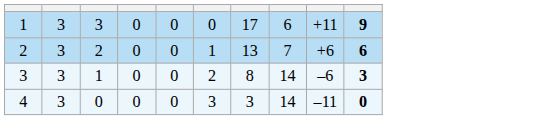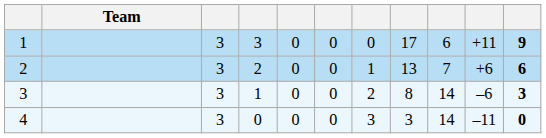 <table class="wikitable" style="text-align: center; font-size: 100%;">
 <tr>
 <th width="30"></th>
+<th width="150">Team</th>
 <th width="30"></th>
 <th width="30"></th>
 <th width="30"></th>
 <th width="30"></th>
 <th width="30"></th>
 <th width="30"></th>
 <th width="30"></th>
 <th width="30"></th>
 <th width="30"></th>
 </tr>
 <tr style="background-color: #b8def6;">
 <td>1</td>
+<td align=left></td>
 <td>3</td>
 <td>3</td>
 <td>0</td>
 <td>0</td>
 <td>0</td>
 <td>17</td>
 <td>6</td>
 <td>+11</td>
 <td><strong>9</strong></td>
 </tr>
 <tr style="background-color: #b8def6;">
 <td>2</td>
+<td align=left></td>
 <td>3</td>
 <td>2</td>
 <td>0</td>
 <td>0</td>
 <td>1</td>
 <td>13</td>
 <td>7</td>
 <td>+6</td>
 <td><strong>6</strong></td>
 </tr>
 <tr style="background-color: #ecf6fd">
 <td>3</td>
+<td align=left></td>
 <td>3</td>
 <td>1</td>
 <td>0</td>
 <td>0</td>
 <td>2</td>
 <td>8</td>
 <td>14</td>
 <td>–6</td>
 <td><strong>3</strong></td>
 </tr>
 <tr style="background-color: #ecf6fd">
 <td>4</td>
+<td align=left></td>
 <td>3</td>
 <td>0</td>
 <td>0</td>
 <td>0</td>
 <td>3</td>
 <td>3</td>
 <td>14</td>
 <td>–11</td>
 <td><strong>0</strong></td>
 </tr>
 </table>
